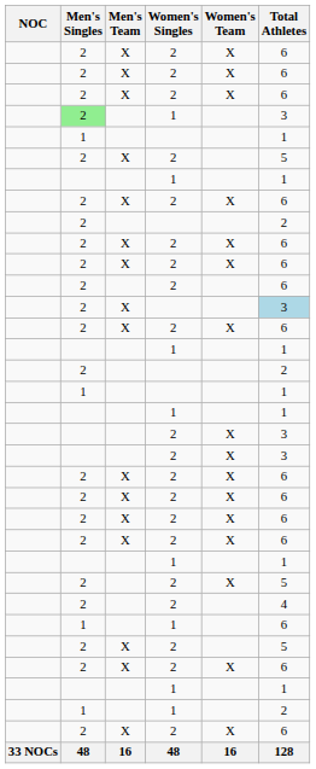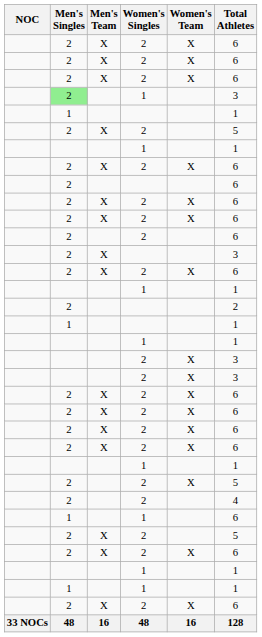 <table class="wikitable sortable" style="text-align:center; font-size:90%">
 <tr>
 <th>NOC</th>
 <th>Men's<br>Singles</th>
 <th>Men's<br>Team</th>
 <th>Women's<br>Singles</th>
 <th>Women's<br>Team</th>
 <th>Total<br>Athletes</th>
 </tr>
 <tr>
 <td align="left"></td>
 <td>2</td>
 <td>X</td>
 <td>2</td>
 <td>X</td>
 <td>6</td>
 </tr>
 <tr>
 <td align="left"></td>
 <td>2</td>
 <td>X</td>
 <td>2</td>
 <td>X</td>
 <td>6</td>
 </tr>
 <tr>
 <td align="left"></td>
 <td>2</td>
 <td>X</td>
 <td>2</td>
 <td>X</td>
 <td>6</td>
 </tr>
 <tr>
 <td align="left"></td>
 <td style="background: lightgreen;">2</td>
 <td></td>
 <td>1</td>
 <td></td>
 <td>3</td>
 </tr>
 <tr>
 <td align="left"></td>
 <td>1</td>
 <td></td>
 <td></td>
 <td></td>
 <td>1</td>
 </tr>
 <tr>
 <td align="left"></td>
 <td>2</td>
 <td>X</td>
 <td>2</td>
 <td></td>
 <td>5</td>
 </tr>
 <tr>
 <td align="left"></td>
 <td></td>
 <td></td>
 <td>1</td>
 <td></td>
 <td>1</td>
 </tr>
 <tr>
 <td align="left"></td>
 <td>2</td>
 <td>X</td>
 <td>2</td>
 <td>X</td>
 <td>6</td>
 </tr>
 <tr>
 <td align="left"></td>
 <td>2</td>
 <td></td>
 <td></td>
 <td></td>
-<td>2</td>
+<td>6</td>
 </tr>
 <tr>
 <td align="left"></td>
 <td>2</td>
 <td>X</td>
 <td>2</td>
 <td>X</td>
 <td>6</td>
 </tr>
 <tr>
 <td align="left"></td>
 <td>2</td>
 <td>X</td>
 <td>2</td>
 <td>X</td>
 <td>6</td>
 </tr>
 <tr>
 <td align="left"></td>
 <td>2</td>
 <td></td>
 <td>2</td>
 <td></td>
 <td>6</td>
 </tr>
 <tr>
 <td align="left"></td>
 <td>2</td>
 <td>X</td>
 <td></td>
 <td></td>
-<td style="background: lightblue;">3</td>
+<td>3</td>
 </tr>
 <tr>
 <td align="left"></td>
 <td>2</td>
 <td>X</td>
 <td>2</td>
 <td>X</td>
 <td>6</td>
 </tr>
 <tr>
 <td align="left"></td>
 <td></td>
 <td></td>
 <td>1</td>
 <td></td>
 <td>1</td>
 </tr>
 <tr>
 <td align="left"></td>
 <td>2</td>
 <td></td>
 <td></td>
 <td></td>
 <td>2</td>
 </tr>
 <tr>
 <td align="left"></td>
 <td>1</td>
 <td></td>
 <td></td>
 <td></td>
 <td>1</td>
 </tr>
 <tr>
 <td align="left"></td>
 <td></td>
 <td></td>
 <td>1</td>
 <td></td>
 <td>1</td>
 </tr>
 <tr>
 <td align="left"></td>
 <td></td>
 <td></td>
 <td>2</td>
 <td>X</td>
 <td>3</td>
 </tr>
 <tr>
 <td align="left"></td>
 <td></td>
 <td></td>
 <td>2</td>
 <td>X</td>
 <td>3</td>
 </tr>
 <tr>
 <td align="left"></td>
 <td>2</td>
 <td>X</td>
 <td>2</td>
 <td>X</td>
 <td>6</td>
 </tr>
 <tr>
 <td align="left"></td>
 <td>2</td>
 <td>X</td>
 <td>2</td>
 <td>X</td>
 <td>6</td>
 </tr>
 <tr>
 <td align="left"></td>
 <td>2</td>
 <td>X</td>
 <td>2</td>
 <td>X</td>
 <td>6</td>
 </tr>
 <tr>
 <td align="left"></td>
 <td>2</td>
 <td>X</td>
 <td>2</td>
 <td>X</td>
 <td>6</td>
 </tr>
 <tr>
 <td align="left"></td>
 <td></td>
 <td></td>
 <td>1</td>
 <td></td>
 <td>1</td>
 </tr>
 <tr>
 <td align="left"></td>
 <td>2</td>
 <td></td>
 <td>2</td>
 <td>X</td>
 <td>5</td>
 </tr>
 <tr>
 <td align="left"></td>
 <td>2</td>
 <td></td>
 <td>2</td>
 <td></td>
 <td>4</td>
 </tr>
 <tr>
 <td align="left"></td>
 <td>1</td>
 <td></td>
 <td>1</td>
 <td></td>
 <td>6</td>
 </tr>
 <tr>
 <td align="left"></td>
 <td>2</td>
 <td>X</td>
 <td>2</td>
 <td></td>
 <td>5</td>
 </tr>
 <tr>
 <td align="left"></td>
 <td>2</td>
 <td>X</td>
 <td>2</td>
 <td>X</td>
 <td>6</td>
 </tr>
 <tr>
 <td align="left"></td>
 <td></td>
 <td></td>
 <td>1</td>
 <td></td>
 <td>1</td>
 </tr>
 <tr>
 <td align="left"></td>
 <td>1</td>
 <td></td>
 <td>1</td>
 <td></td>
-<td>2</td>
+<td>1</td>
 </tr>
 <tr>
 <td align="left"></td>
 <td>2</td>
 <td>X</td>
 <td>2</td>
 <td>X</td>
 <td>6</td>
 </tr>
 <tr>
 <th>33 NOCs</th>
 <th>48</th>
 <th>16</th>
 <th>48</th>
 <th>16</th>
 <th>128</th>
 </tr>
 </table>
